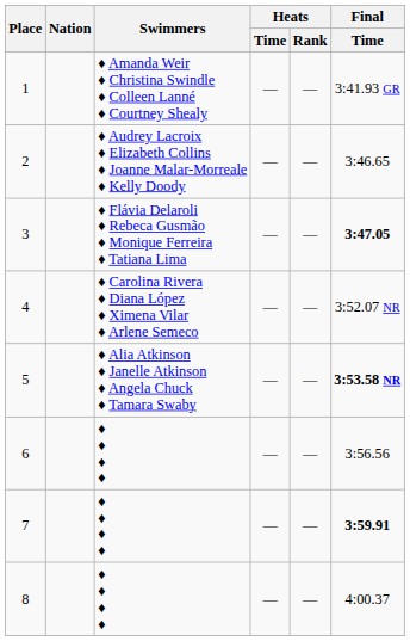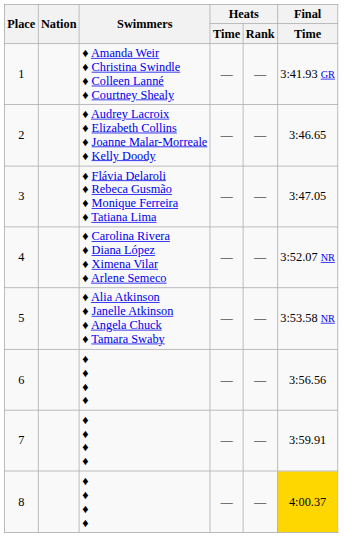 <table class="wikitable" style="text-align:center;">
 <tr>
 <th rowspan="2">Place</th>
 <th rowspan="2">Nation</th>
 <th rowspan="2">Swimmers</th>
 <th colspan="2">Heats</th>
 <th>Final</th>
 </tr>
 <tr>
 <th>Time</th>
 <th>Rank</th>
 <th>Time</th>
 </tr>
 <tr>
 <td>1</td>
 <td align=left></td>
 <td align=left>♦ <a href='#'>Amanda Weir</a><br>♦ <a href='#'>Christina Swindle</a><br>♦ <a href='#'>Colleen Lanné</a><br>♦ <a href='#'>Courtney Shealy</a></td>
 <td>—</td>
 <td>—</td>
 <td>3:41.93 <small><a href='#'>GR</a></small></td>
 </tr>
 <tr>
 <td>2</td>
 <td align=left></td>
 <td align=left>♦ <a href='#'>Audrey Lacroix</a> <br>♦ <a href='#'>Elizabeth Collins</a><br>♦ <a href='#'>Joanne Malar-Morreale</a><br>♦ <a href='#'>Kelly Doody</a></td>
 <td>—</td>
 <td>—</td>
 <td>3:46.65</td>
 </tr>
 <tr>
 <td>3</td>
 <td align=left></td>
 <td align=left>♦ <a href='#'>Flávia Delaroli</a> <br>♦ <a href='#'>Rebeca Gusmão</a><br>♦ <a href='#'>Monique Ferreira</a><br>♦ <a href='#'>Tatiana Lima</a></td>
 <td>—</td>
 <td>—</td>
-<td><strong>3:47.05</strong></td>
+<td>3:47.05</td>
 </tr>
 <tr>
 <td>4</td>
 <td align=left></td>
 <td align=left>♦ <a href='#'>Carolina Rivera</a> <br>♦ <a href='#'>Diana López</a><br>♦ <a href='#'>Ximena Vilar</a><br>♦ <a href='#'>Arlene Semeco</a></td>
 <td>—</td>
 <td>—</td>
 <td>3:52.07 <small><a href='#'>NR</a></small></td>
 </tr>
 <tr>
 <td>5</td>
 <td align=left></td>
 <td align=left>♦ <a href='#'>Alia Atkinson</a> <br>♦ <a href='#'>Janelle Atkinson</a><br>♦ <a href='#'>Angela Chuck</a><br>♦ <a href='#'>Tamara Swaby</a></td>
 <td>—</td>
 <td>—</td>
-<td><strong>3:53.58 <small><a href='#'>NR</a></small></strong></td>
+<td>3:53.58 <small><a href='#'>NR</a></small></td>
 </tr>
 <tr>
 <td>6</td>
 <td align=left></td>
 <td align=left>♦ <br>♦ <br>♦ <br>♦</td>
 <td>—</td>
 <td>—</td>
 <td>3:56.56</td>
 </tr>
 <tr>
 <td>7</td>
 <td align=left></td>
 <td align=left>♦ <br>♦ <br>♦ <br>♦</td>
 <td>—</td>
 <td>—</td>
-<td><strong>3:59.91</strong></td>
+<td>3:59.91</td>
 </tr>
 <tr>
 <td>8</td>
 <td align=left></td>
 <td align=left>♦ <br>♦ <br>♦ <br>♦</td>
 <td>—</td>
 <td>—</td>
-<td>4:00.37</td>
+<td style="background: gold;">4:00.37</td>
 </tr>
 </table>
